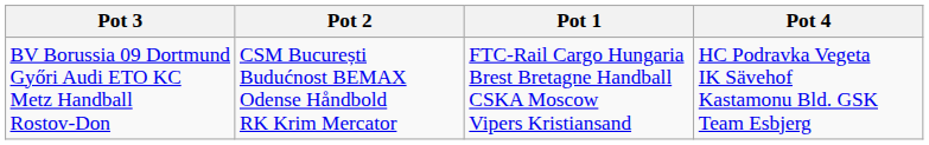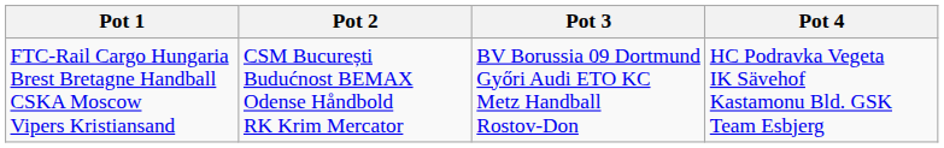 <table class="wikitable">
 <tr>
+<th style="width:25%;">Pot 1</th>
+<th style="width:25%;">Pot 2</th>
 <th style="width:25%;">Pot 3</th>
-<th style="width:25%;">Pot 2</th>
-<th style="width:25%;">Pot 1</th>
 <th style="width:25%;">Pot 4</th>
 </tr>
 <tr>
+<td valign="top"> <a href='#'>FTC-Rail Cargo Hungaria</a><br> <a href='#'>Brest Bretagne Handball</a><br> <a href='#'>CSKA Moscow</a><br> <a href='#'>Vipers Kristiansand</a></td>
+<td valign="top"> <a href='#'>CSM București</a><br> <a href='#'>Budućnost BEMAX</a><br> <a href='#'>Odense Håndbold</a><br> <a href='#'>RK Krim Mercator</a></td>
 <td valign="top"> <a href='#'>BV Borussia 09 Dortmund</a><br> <a href='#'>Győri Audi ETO KC</a><br> <a href='#'>Metz Handball</a><br> <a href='#'>Rostov-Don</a></td>
-<td valign="top"> <a href='#'>CSM București</a><br> <a href='#'>Budućnost BEMAX</a><br> <a href='#'>Odense Håndbold</a><br> <a href='#'>RK Krim Mercator</a></td>
-<td valign="top"> <a href='#'>FTC-Rail Cargo Hungaria</a><br> <a href='#'>Brest Bretagne Handball</a><br> <a href='#'>CSKA Moscow</a><br> <a href='#'>Vipers Kristiansand</a></td>
 <td valign="top"> <a href='#'>HC Podravka Vegeta</a><br> <a href='#'>IK Sävehof</a><br> <a href='#'>Kastamonu Bld. GSK</a><br> <a href='#'>Team Esbjerg</a></td>
 </tr>
 </table>
